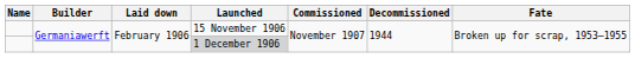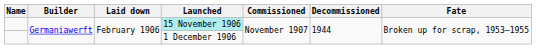 <table class="wikitable">
 <tr>
 <th>Name</th>
 <th>Builder</th>
 <th>Laid down</th>
 <th>Launched</th>
 <th>Commissioned</th>
 <th>Decommissioned</th>
 <th>Fate</th>
 </tr>
 <tr>
 <td></td>
 <td rowspan=2><a href='#'>Germaniawerft</a></td>
 <td rowspan=2>February 1906</td>
-<td>15 November 1906</td>
+<td style="background: paleturquoise;">15 November 1906</td>
 <td rowspan=2>November 1907</td>
 <td rowspan=2>1944</td>
 <td rowspan=2>Broken up for scrap, 1953–1955</td>
 </tr>
 <tr>
 <td></td>
-<td style="background: lightgrey;">1 December 1906</td>
+<td>1 December 1906</td>
 </tr>
 </table>
